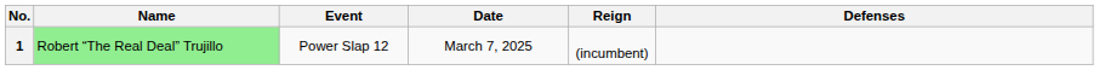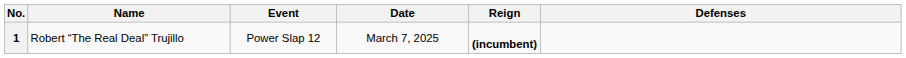 <table class="wikitable" width=100%>
 <tr>
 <th width=1%>No.</th>
 <th width=23%>Name</th>
 <th width=12%>Event</th>
 <th width=15%>Date</th>
 <th width=8%>Reign</th>
 <th width=45%>Defenses</th>
 </tr>
 <tr>
 <th>1</th>
-<td align=left style="background: lightgreen;">  Robert “The Real Deal” Trujillo <br></td>
+<td align=left>  Robert “The Real Deal” Trujillo <br></td>
 <td align=center>Power Slap 12<br></td>
 <td align=center>March 7, 2025</td>
-<td align=center> <br>(incumbent)<br></td>
+<td align=center><strong> <br>(incumbent)<br></strong></td>
 </tr>
 </table>
